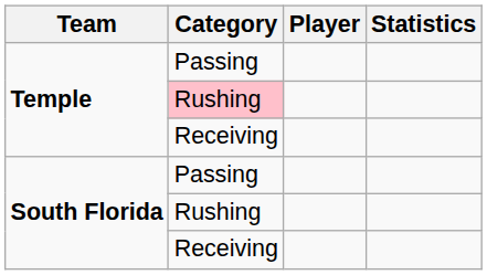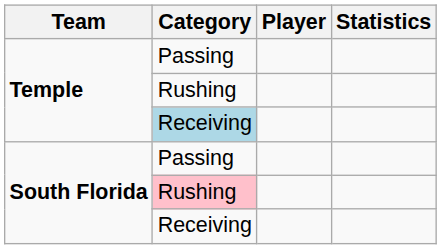 <table class="wikitable" style="float: left;">
 <tr>
 <th>Team</th>
 <th>Category</th>
 <th>Player</th>
 <th>Statistics</th>
 </tr>
 <tr>
 <td rowspan=3><strong>Temple</strong></td>
 <td>Passing</td>
 <td> </td>
 <td> </td>
 </tr>
 <tr>
-<td style="background: pink;">Rushing</td>
+<td>Rushing</td>
 <td> </td>
 <td> </td>
 </tr>
 <tr>
-<td>Receiving</td>
+<td style="background: lightblue;">Receiving</td>
 <td> </td>
 <td> </td>
 </tr>
 <tr>
 <td rowspan=3><strong>South Florida</strong></td>
 <td>Passing</td>
 <td> </td>
 <td> </td>
 </tr>
 <tr>
-<td>Rushing</td>
+<td style="background: pink;">Rushing</td>
 <td> </td>
 <td> </td>
 </tr>
 <tr>
 <td>Receiving</td>
 <td> </td>
 <td> </td>
 </tr>
 </table>
